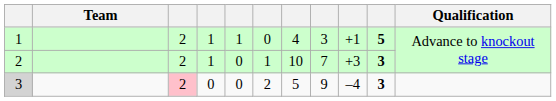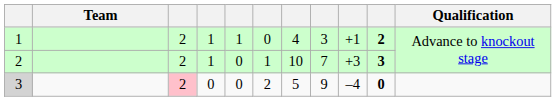 <table class="wikitable" style="text-align: center;">
 <tr>
 <th width="25"></th>
 <th width="150">Team</th>
 <th width="25"></th>
 <th width="25"></th>
 <th width="25"></th>
 <th width="25"></th>
 <th width="25"></th>
 <th width="25"></th>
 <th width="25"></th>
 <th width="25"></th>
 <th width="170">Qualification</th>
 </tr>
 <tr align=center style="background:#ccffcc;">
 <td>1</td>
 <td style="text-align:left;"></td>
 <td>2</td>
 <td>1</td>
 <td>1</td>
 <td>0</td>
 <td>4</td>
 <td>3</td>
 <td>+1</td>
-<td><strong>5</strong></td>
+<td><strong>2</strong></td>
 <td rowspan="2">Advance to <a href='#'>knockout stage</a></td>
 </tr>
 <tr align=center style="background:#ccffcc;">
 <td>2</td>
 <td style="text-align:left;"></td>
 <td>2</td>
 <td>1</td>
 <td>0</td>
 <td>1</td>
 <td>10</td>
 <td>7</td>
 <td>+3</td>
 <td><strong>3</strong></td>
 </tr>
 <tr align=center>
 <td style="background: lightgrey;">3</td>
 <td style="text-align:left;"></td>
 <td style="background: pink;">2</td>
 <td>0</td>
 <td>0</td>
 <td>2</td>
 <td>5</td>
 <td>9</td>
 <td>–4</td>
-<td><strong>3</strong></td>
+<td><strong>0</strong></td>
 <td></td>
 </tr>
 </table>
